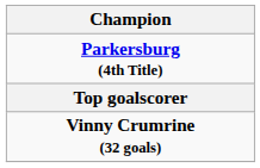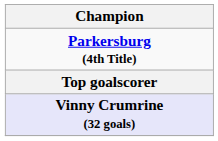 <table class="wikitable" style="margin: 0 auto; width: 220px;">
 <tr>
 <th>Champion</th>
 </tr>
 <tr>
 <td align="center"><strong><a href='#'>Parkersburg</a></strong><br><small><strong>(4th Title)</strong></small></td>
 </tr>
 <tr>
 <th>Top goalscorer</th>
 </tr>
 <tr>
-<td align="center"><strong>Vinny Crumrine</strong><br><small><strong>(32 goals)</strong></small></td>
+<td align="center" style="background: lavender;"><strong>Vinny Crumrine</strong><br><small><strong>(32 goals)</strong></small></td>
 </tr>
 <tr>
 </tr>
 </table>
